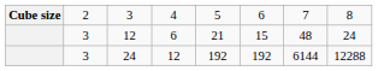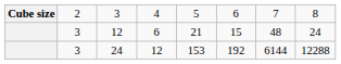 <table class="wikitable" style="margin:0.5em auto; text-align:center">
 <tr>
 <th>Cube size</th>
 <td style="width: 3em">2</td>
 <td style="width: 3em">3</td>
 <td style="width: 3em">4</td>
 <td style="width: 3em">5</td>
 <td style="width: 3em">6</td>
 <td style="width: 3em">7</td>
 <td style="width: 3em">8</td>
 </tr>
 <tr>
 <th></th>
 <td>3</td>
 <td>12</td>
 <td>6</td>
 <td>21</td>
 <td>15</td>
 <td>48</td>
 <td>24</td>
 </tr>
 <tr>
 <th></th>
 <td>3</td>
 <td>24</td>
 <td>12</td>
-<td>192</td>
+<td>153</td>
 <td>192</td>
 <td>6144</td>
 <td>12288</td>
 </tr>
 </table>
